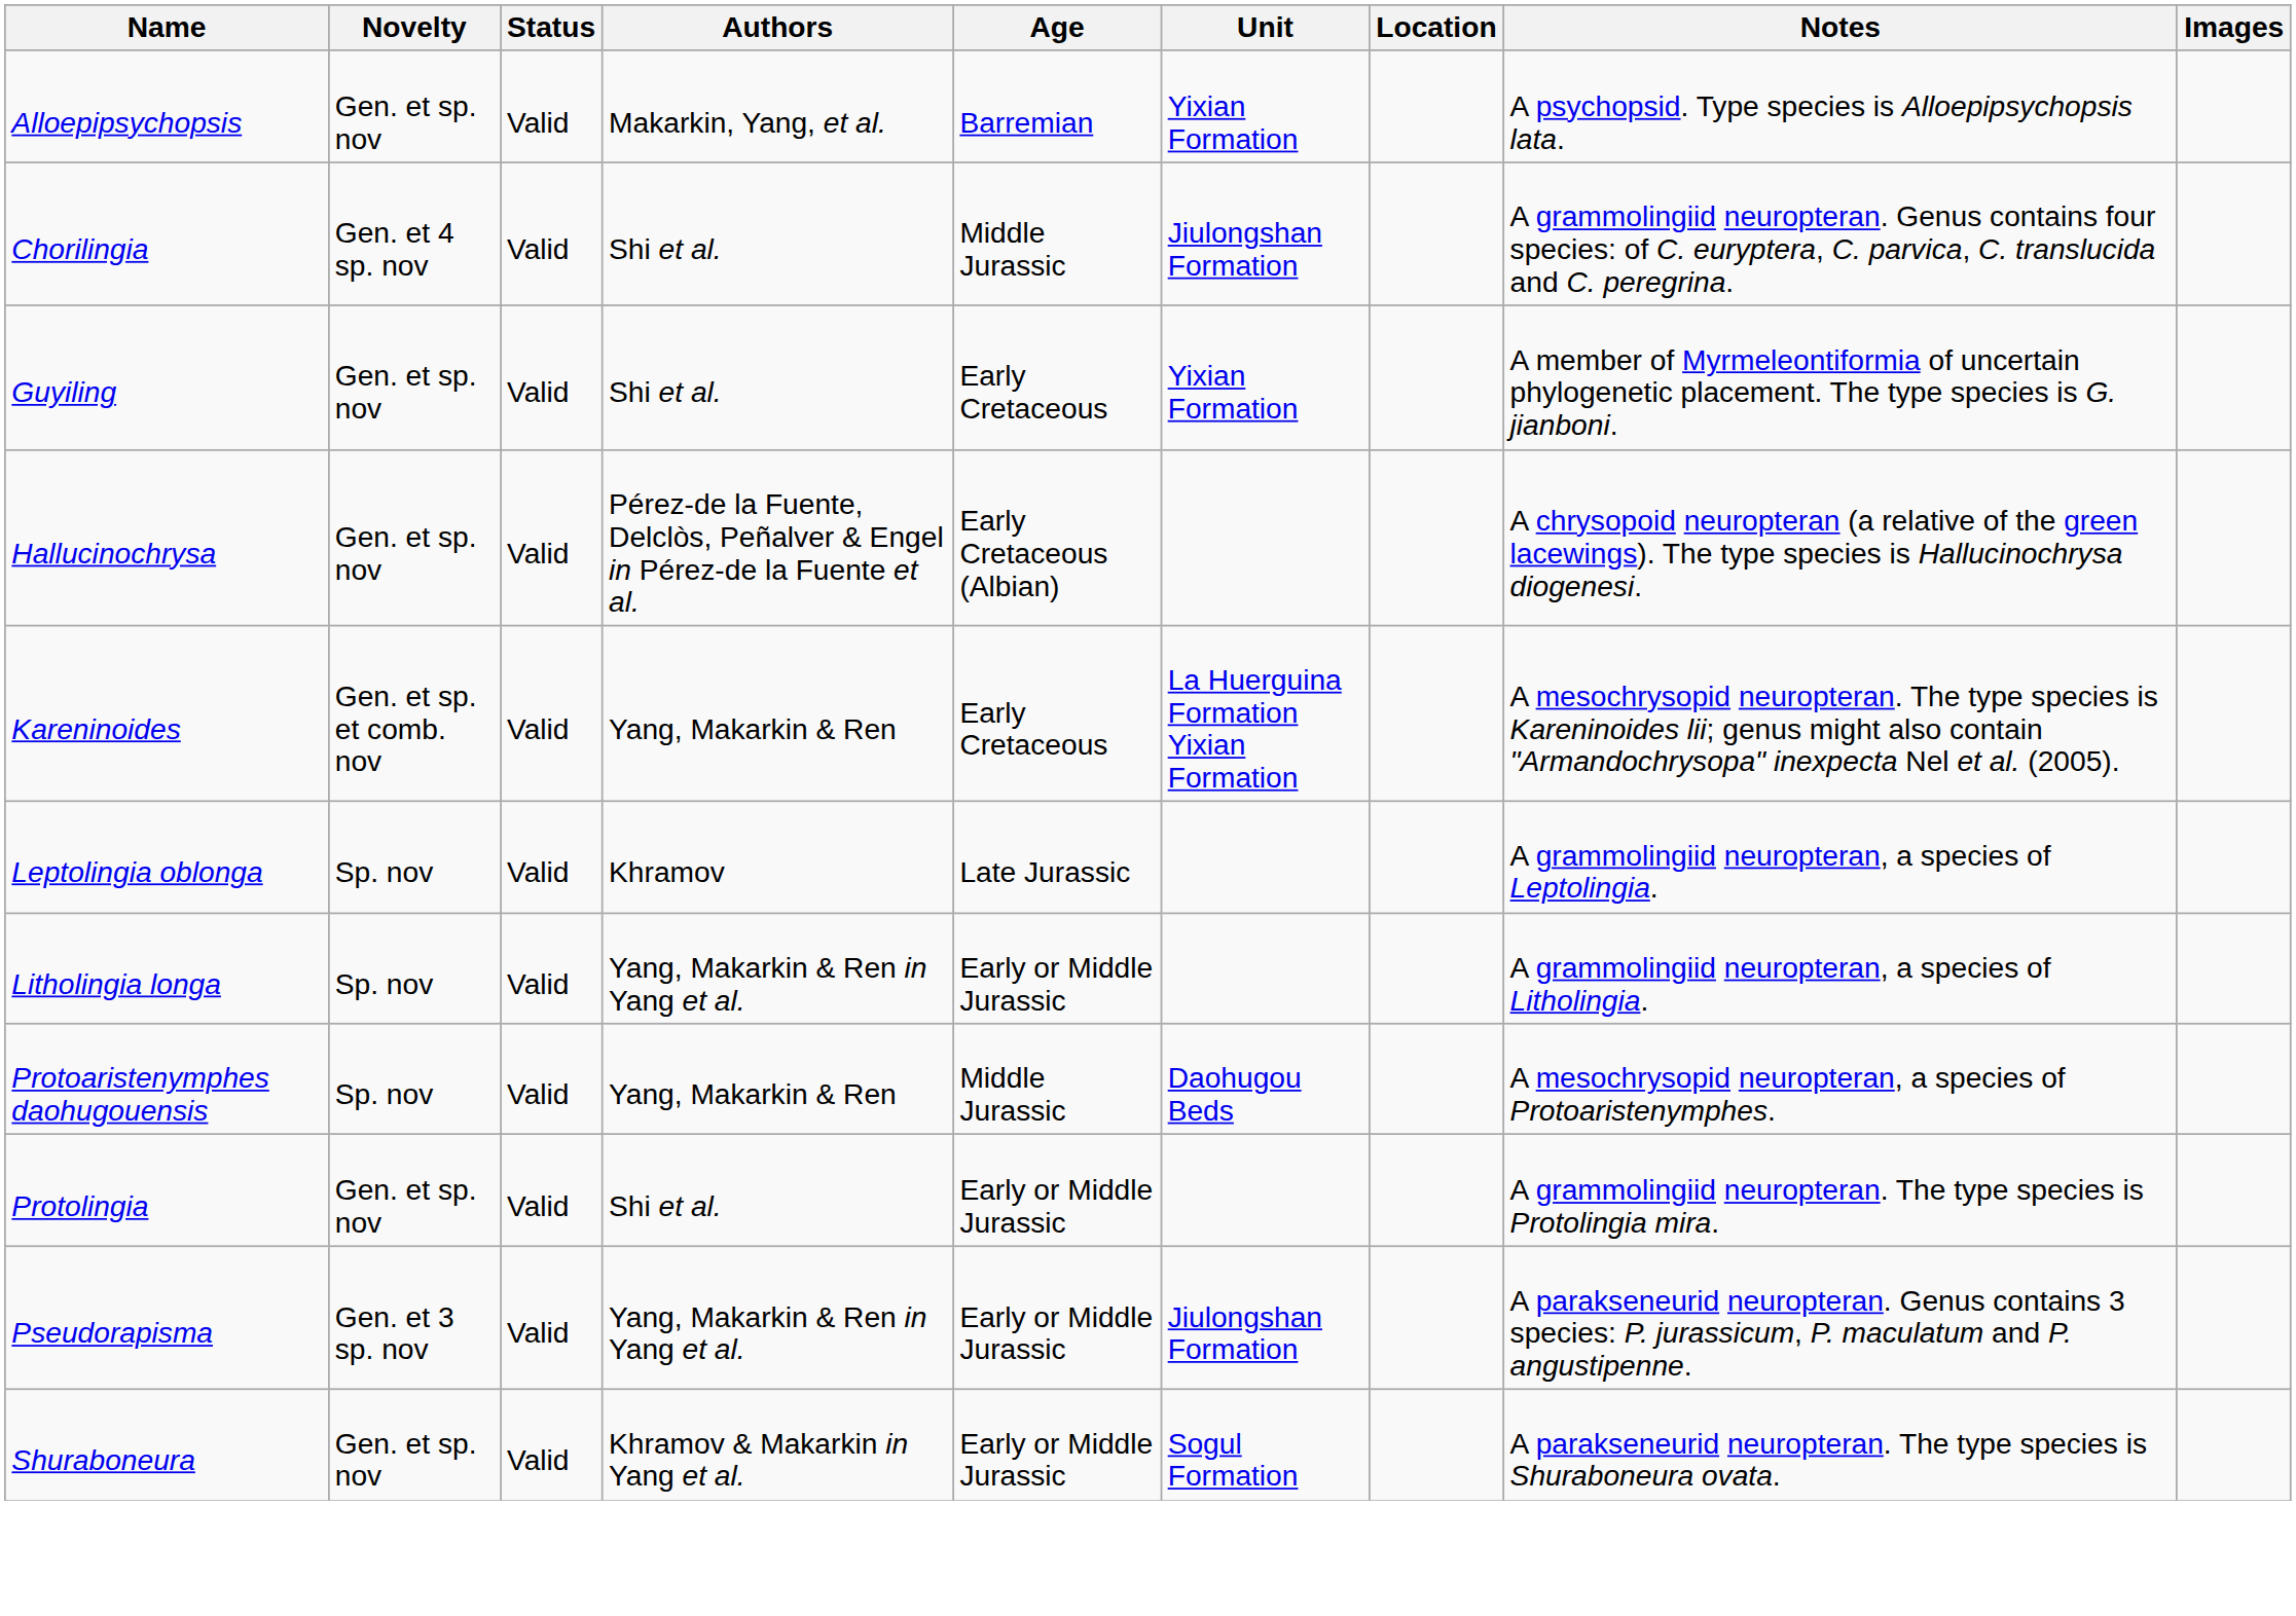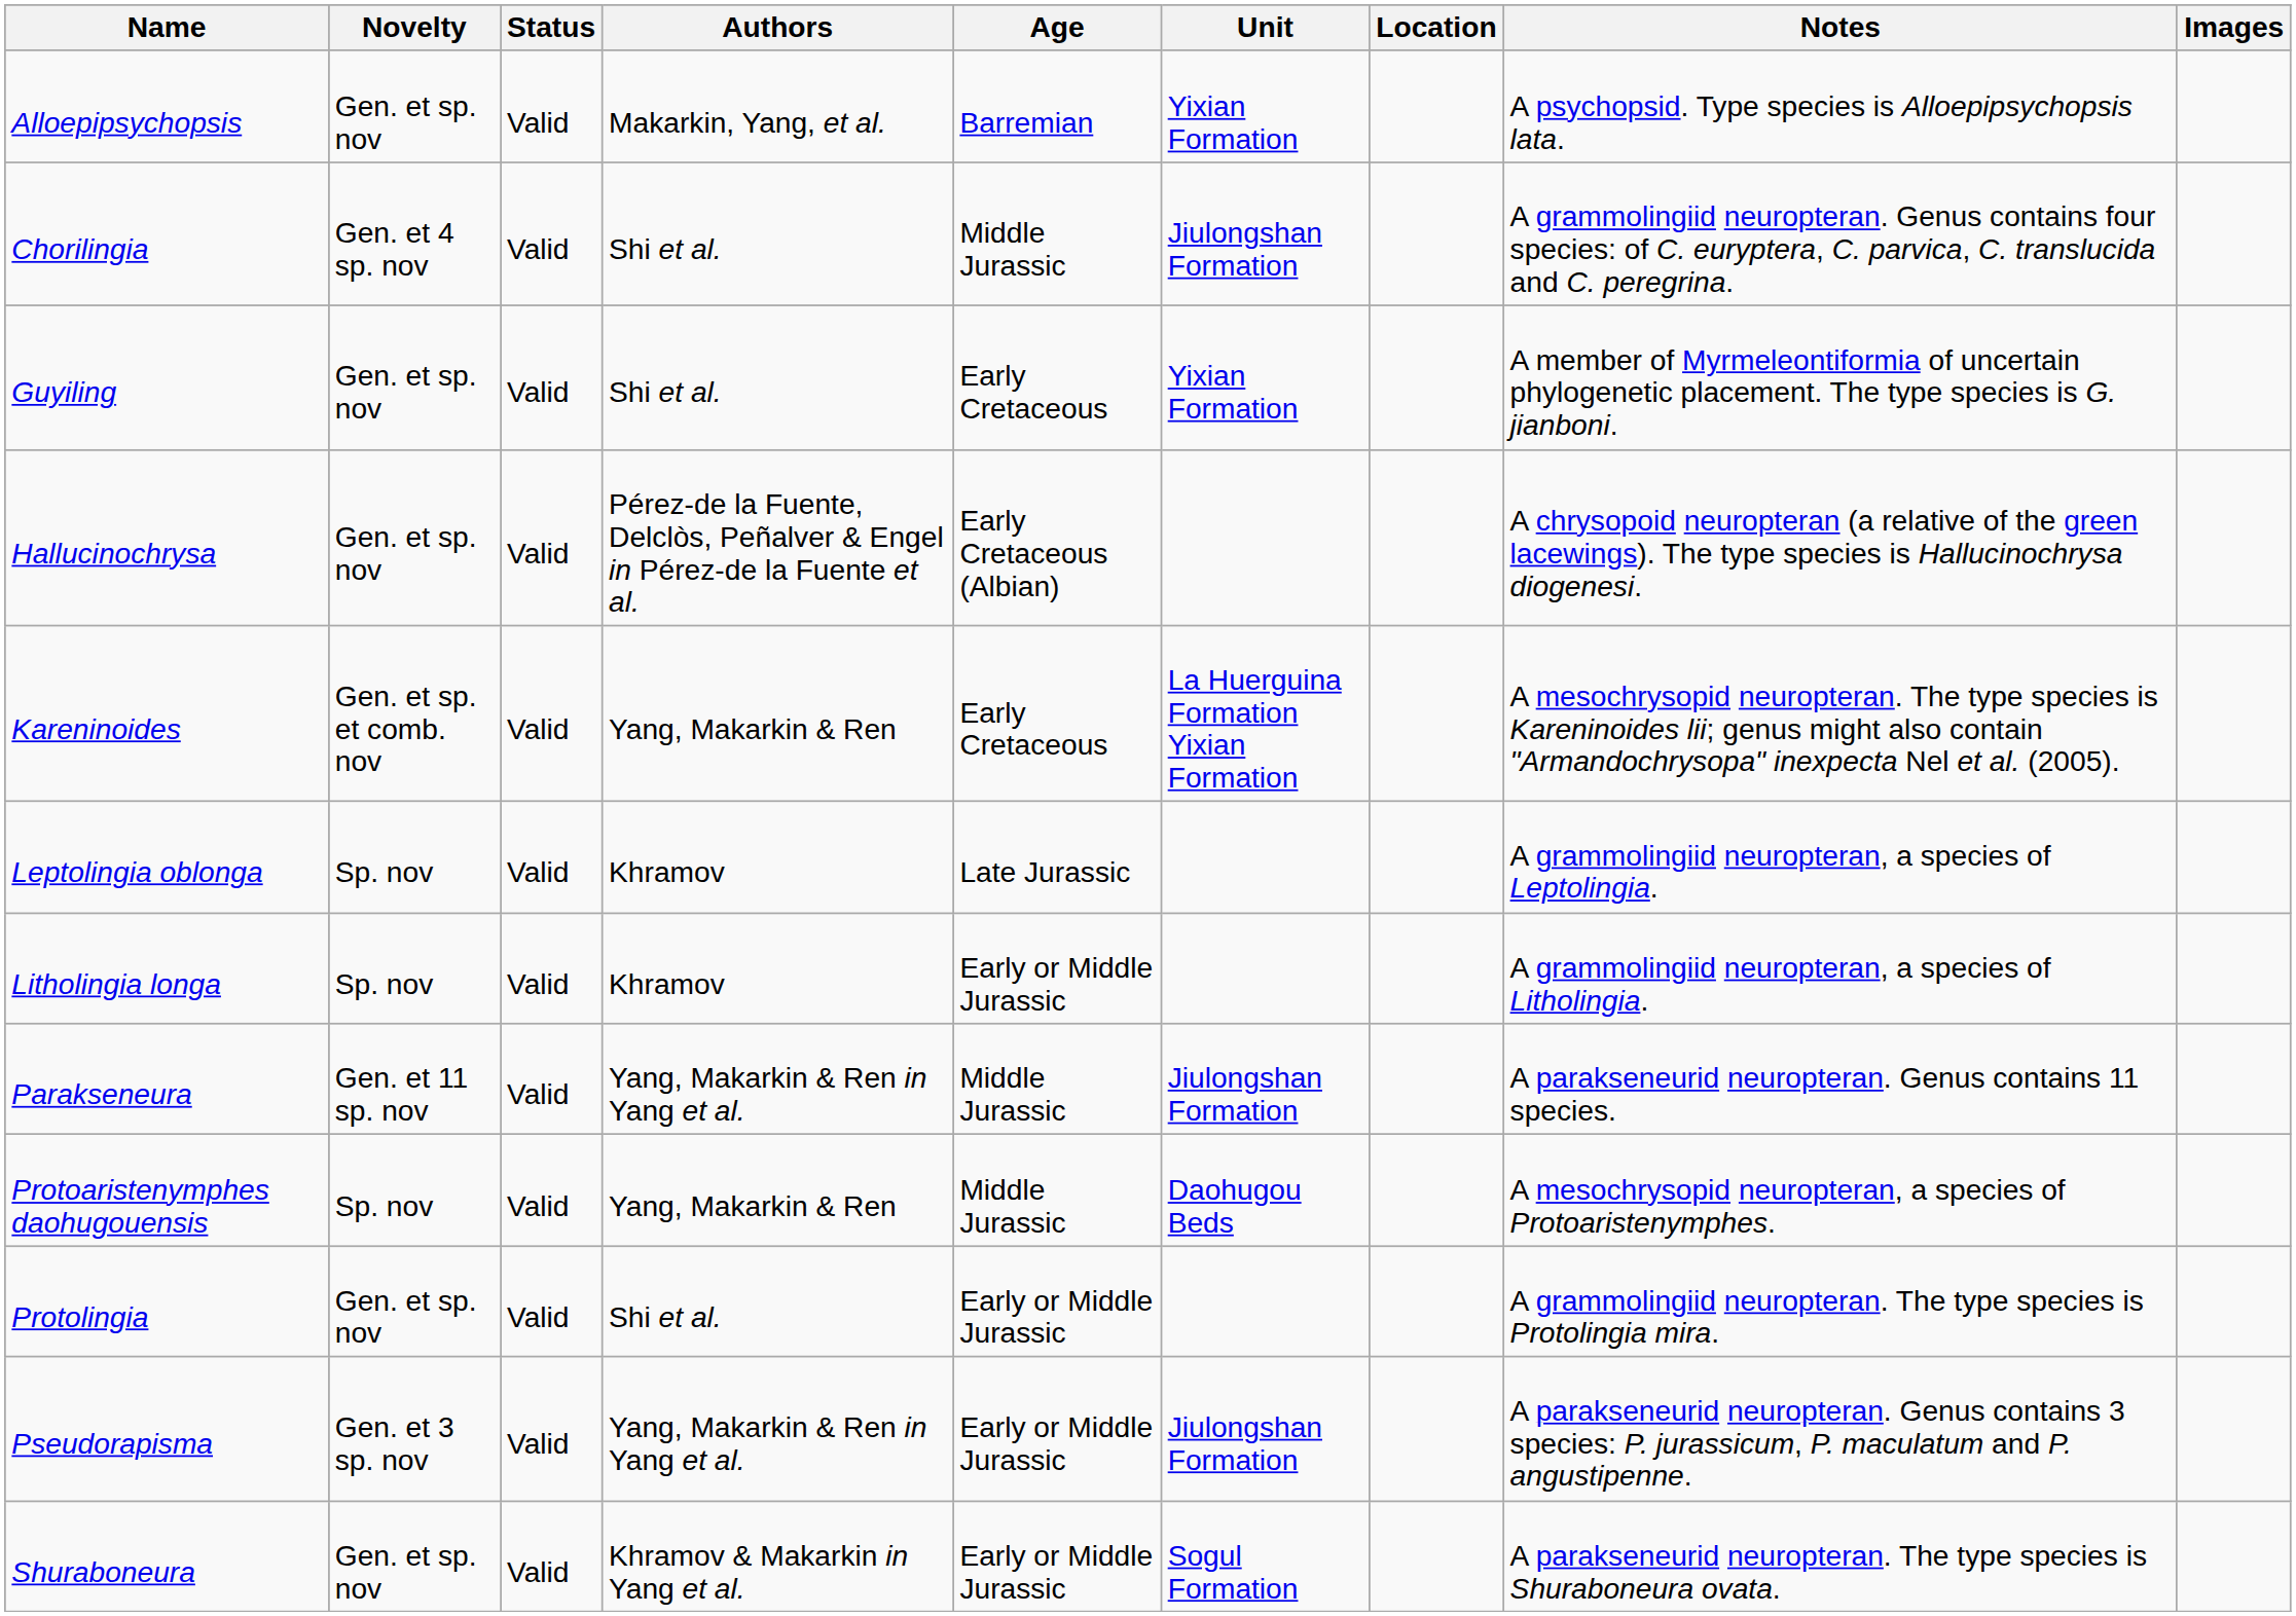 <table class="wikitable sortable" align="center" width="100%">
 <tr>
 <th>Name</th>
 <th>Novelty</th>
 <th>Status</th>
 <th>Authors</th>
 <th>Age</th>
 <th>Unit</th>
 <th>Location</th>
 <th>Notes</th>
 <th>Images</th>
 </tr>
 <tr>
 <td><br><em><a href='#'>Alloepipsychopsis</a></em></td>
 <td><br>Gen. et sp. nov</td>
 <td><br>Valid</td>
 <td><br>Makarkin, Yang, <em>et al.</em></td>
 <td><br><a href='#'>Barremian</a></td>
 <td><br><a href='#'>Yixian Formation</a></td>
 <td><br></td>
 <td><br>A <a href='#'>psychopsid</a>. Type species is <em>Alloepipsychopsis lata</em>.</td>
 <td></td>
 </tr>
 <tr>
 <td><br><em><a href='#'>Chorilingia</a></em></td>
 <td><br>Gen. et 4 sp. nov</td>
 <td><br>Valid</td>
 <td><br>Shi <em>et al.</em></td>
 <td><br>Middle Jurassic</td>
 <td><br><a href='#'>Jiulongshan Formation</a></td>
 <td><br></td>
 <td><br>A <a href='#'>grammolingiid</a> <a href='#'>neuropteran</a>. Genus contains four species: of <em>C. euryptera</em>, <em>C. parvica</em>, <em>C. translucida</em> and <em>C. peregrina</em>.</td>
 <td></td>
 </tr>
 <tr>
 <td><br><em><a href='#'>Guyiling</a></em></td>
 <td><br>Gen. et sp. nov</td>
 <td><br>Valid</td>
 <td><br>Shi <em>et al.</em></td>
 <td><br>Early Cretaceous</td>
 <td><br><a href='#'>Yixian Formation</a></td>
 <td><br></td>
 <td><br>A member of <a href='#'>Myrmeleontiformia</a> of uncertain phylogenetic placement. The type species is <em>G. jianboni</em>.</td>
 <td></td>
 </tr>
 <tr>
 <td><br><em><a href='#'>Hallucinochrysa</a></em></td>
 <td><br>Gen. et sp. nov</td>
 <td><br>Valid</td>
 <td><br>Pérez-de la Fuente, Delclòs, Peñalver & Engel <em>in</em> Pérez-de la Fuente <em>et al.</em></td>
 <td><br>Early Cretaceous (Albian)</td>
 <td></td>
 <td><br></td>
 <td><br>A <a href='#'>chrysopoid</a> <a href='#'>neuropteran</a> (a relative of the <a href='#'>green lacewings</a>). The type species is <em>Hallucinochrysa diogenesi</em>.</td>
 <td></td>
 </tr>
 <tr>
 <td><br><em><a href='#'>Kareninoides</a></em></td>
 <td><br>Gen. et sp. et comb. nov</td>
 <td><br>Valid</td>
 <td><br>Yang, Makarkin & Ren</td>
 <td><br>Early Cretaceous</td>
 <td><br><a href='#'>La Huerguina Formation</a><br> <a href='#'>Yixian Formation</a></td>
 <td><br><br> </td>
 <td><br>A <a href='#'>mesochrysopid</a> <a href='#'>neuropteran</a>. The type species is <em>Kareninoides lii</em>; genus might also contain <em>"Armandochrysopa" inexpecta</em> Nel <em>et al.</em> (2005).</td>
 <td></td>
 </tr>
 <tr>
 <td><br><em><a href='#'>Leptolingia oblonga</a></em></td>
 <td><br>Sp. nov</td>
 <td><br>Valid</td>
 <td><br>Khramov</td>
 <td><br>Late Jurassic</td>
 <td></td>
 <td><br></td>
 <td><br>A <a href='#'>grammolingiid</a> <a href='#'>neuropteran</a>, a species of <em><a href='#'>Leptolingia</a></em>.</td>
 <td></td>
 </tr>
 <tr>
 <td><br><em><a href='#'>Litholingia longa</a></em></td>
 <td><br>Sp. nov</td>
 <td><br>Valid</td>
-<td><br>Yang, Makarkin & Ren <em>in</em> Yang <em>et al.</em></td>
+<td><br>Khramov</td>
 <td><br>Early or Middle Jurassic</td>
 <td></td>
 <td><br></td>
 <td><br>A <a href='#'>grammolingiid</a> <a href='#'>neuropteran</a>, a species of <em><a href='#'>Litholingia</a></em>.</td>
+<td></td>
+</tr>
+<tr>
+<td><br><em><a href='#'>Parakseneura</a></em></td>
+<td><br>Gen. et 11 sp. nov</td>
+<td><br>Valid</td>
+<td><br>Yang, Makarkin & Ren <em>in</em> Yang <em>et al.</em></td>
+<td><br>Middle Jurassic</td>
+<td><br><a href='#'>Jiulongshan Formation</a></td>
+<td><br></td>
+<td><br>A <a href='#'>parakseneurid</a> <a href='#'>neuropteran</a>. Genus contains 11 species.</td>
 <td></td>
 </tr>
 <tr>
 <td><br><em><a href='#'>Protoaristenymphes daohugouensis</a></em></td>
 <td><br>Sp. nov</td>
 <td><br>Valid</td>
 <td><br>Yang, Makarkin & Ren</td>
 <td><br>Middle Jurassic</td>
 <td><br><a href='#'>Daohugou Beds</a></td>
 <td><br></td>
 <td><br>A <a href='#'>mesochrysopid</a> <a href='#'>neuropteran</a>, a species of <em>Protoaristenymphes</em>.</td>
 <td></td>
 </tr>
 <tr>
 <td><br><em><a href='#'>Protolingia</a></em></td>
 <td><br>Gen. et sp. nov</td>
 <td><br>Valid</td>
 <td><br>Shi <em>et al.</em></td>
 <td><br>Early or Middle Jurassic</td>
 <td></td>
 <td><br></td>
 <td><br>A <a href='#'>grammolingiid</a> <a href='#'>neuropteran</a>. The type species is <em>Protolingia mira</em>.</td>
 <td></td>
 </tr>
 <tr>
 <td><br><em><a href='#'>Pseudorapisma</a></em></td>
 <td><br>Gen. et 3 sp. nov</td>
 <td><br>Valid</td>
 <td><br>Yang, Makarkin & Ren <em>in</em> Yang <em>et al.</em></td>
 <td><br>Early or Middle Jurassic</td>
 <td><br><a href='#'>Jiulongshan Formation</a></td>
 <td><br></td>
 <td><br>A <a href='#'>parakseneurid</a> <a href='#'>neuropteran</a>. Genus contains 3 species: <em>P. jurassicum</em>, <em>P. maculatum</em> and <em>P. angustipenne</em>.</td>
 <td></td>
 </tr>
 <tr>
 <td><br><em><a href='#'>Shuraboneura</a></em></td>
 <td><br>Gen. et sp. nov</td>
 <td><br>Valid</td>
 <td><br>Khramov & Makarkin <em>in</em> Yang <em>et al.</em></td>
 <td><br>Early or Middle Jurassic</td>
 <td><br><a href='#'>Sogul Formation</a></td>
 <td><br></td>
 <td><br>A <a href='#'>parakseneurid</a> <a href='#'>neuropteran</a>. The type species is <em>Shuraboneura ovata</em>.</td>
 <td></td>
 </tr>
 <tr>
 </tr>
 </table>
